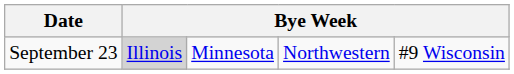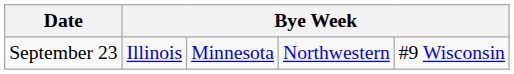 <table class="wikitable" style="font-size:95%;">
 <tr>
 <th>Date</th>
 <th colspan="4">Bye Week</th>
 </tr>
 <tr>
 <td>September 23</td>
-<td style="background: lightgrey;"><a href='#'>Illinois</a></td>
+<td><a href='#'>Illinois</a></td>
 <td><a href='#'>Minnesota</a></td>
 <td><a href='#'>Northwestern</a></td>
 <td>#9 <a href='#'>Wisconsin</a></td>
 </tr>
 </table>
